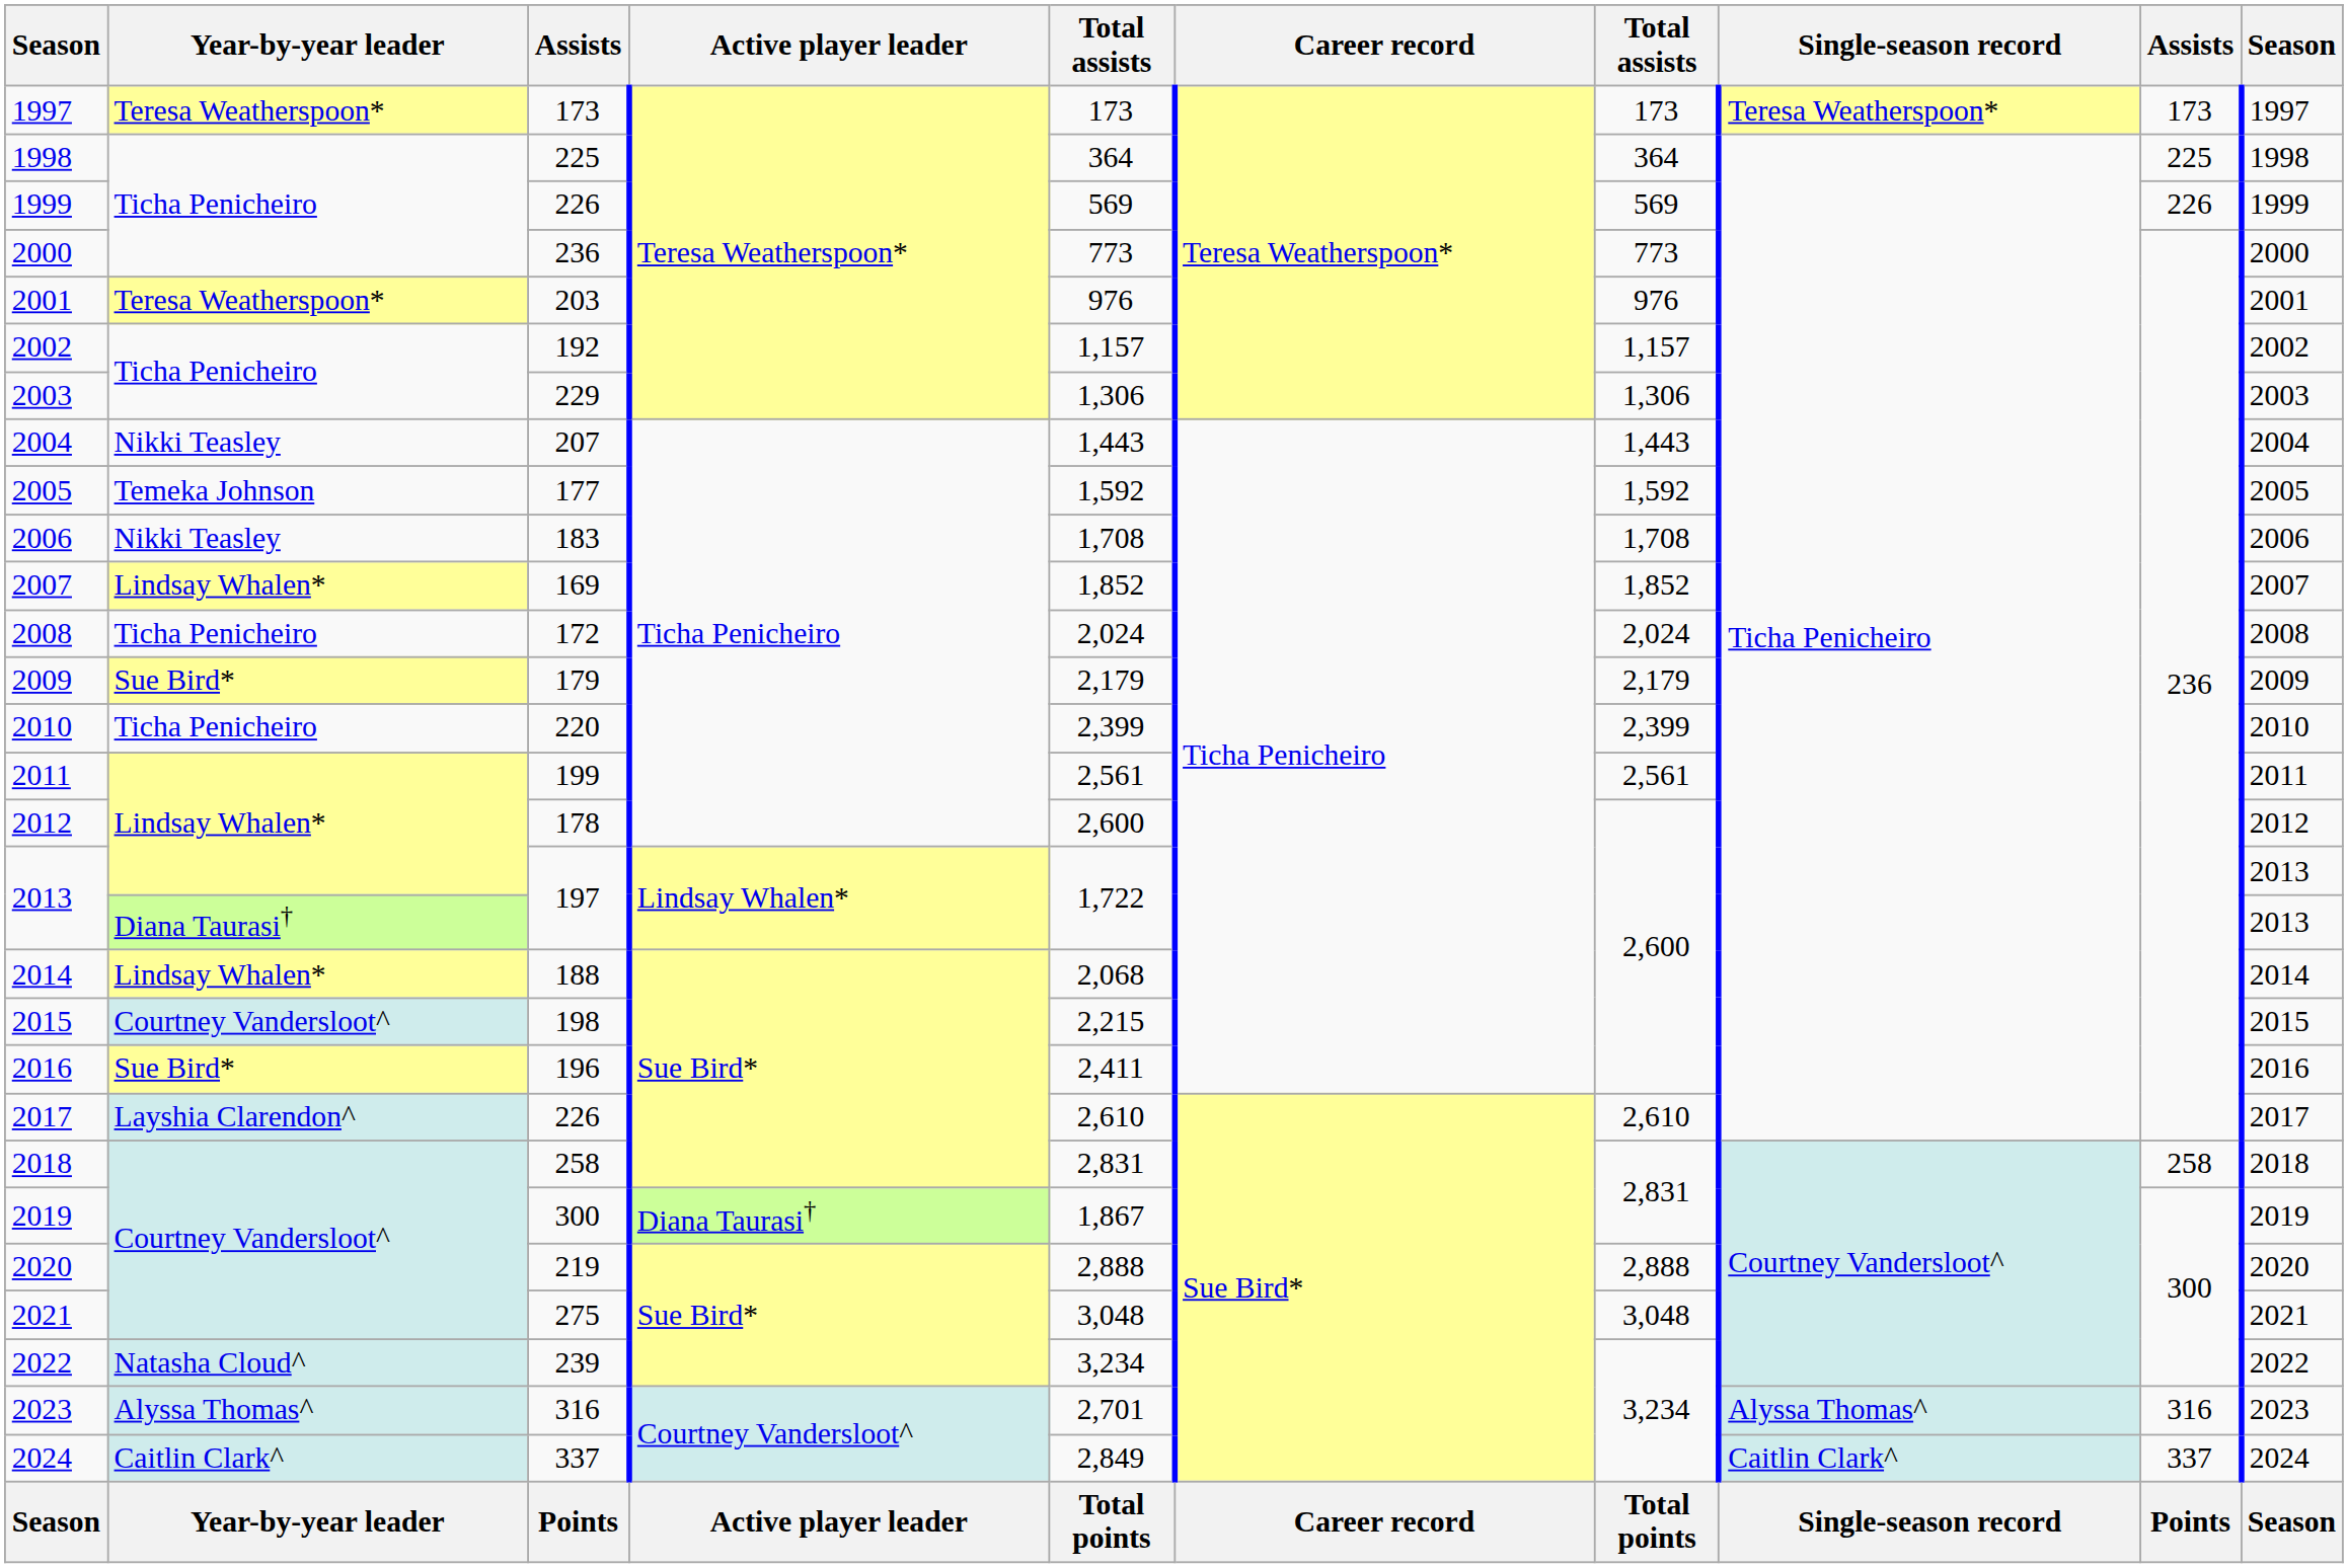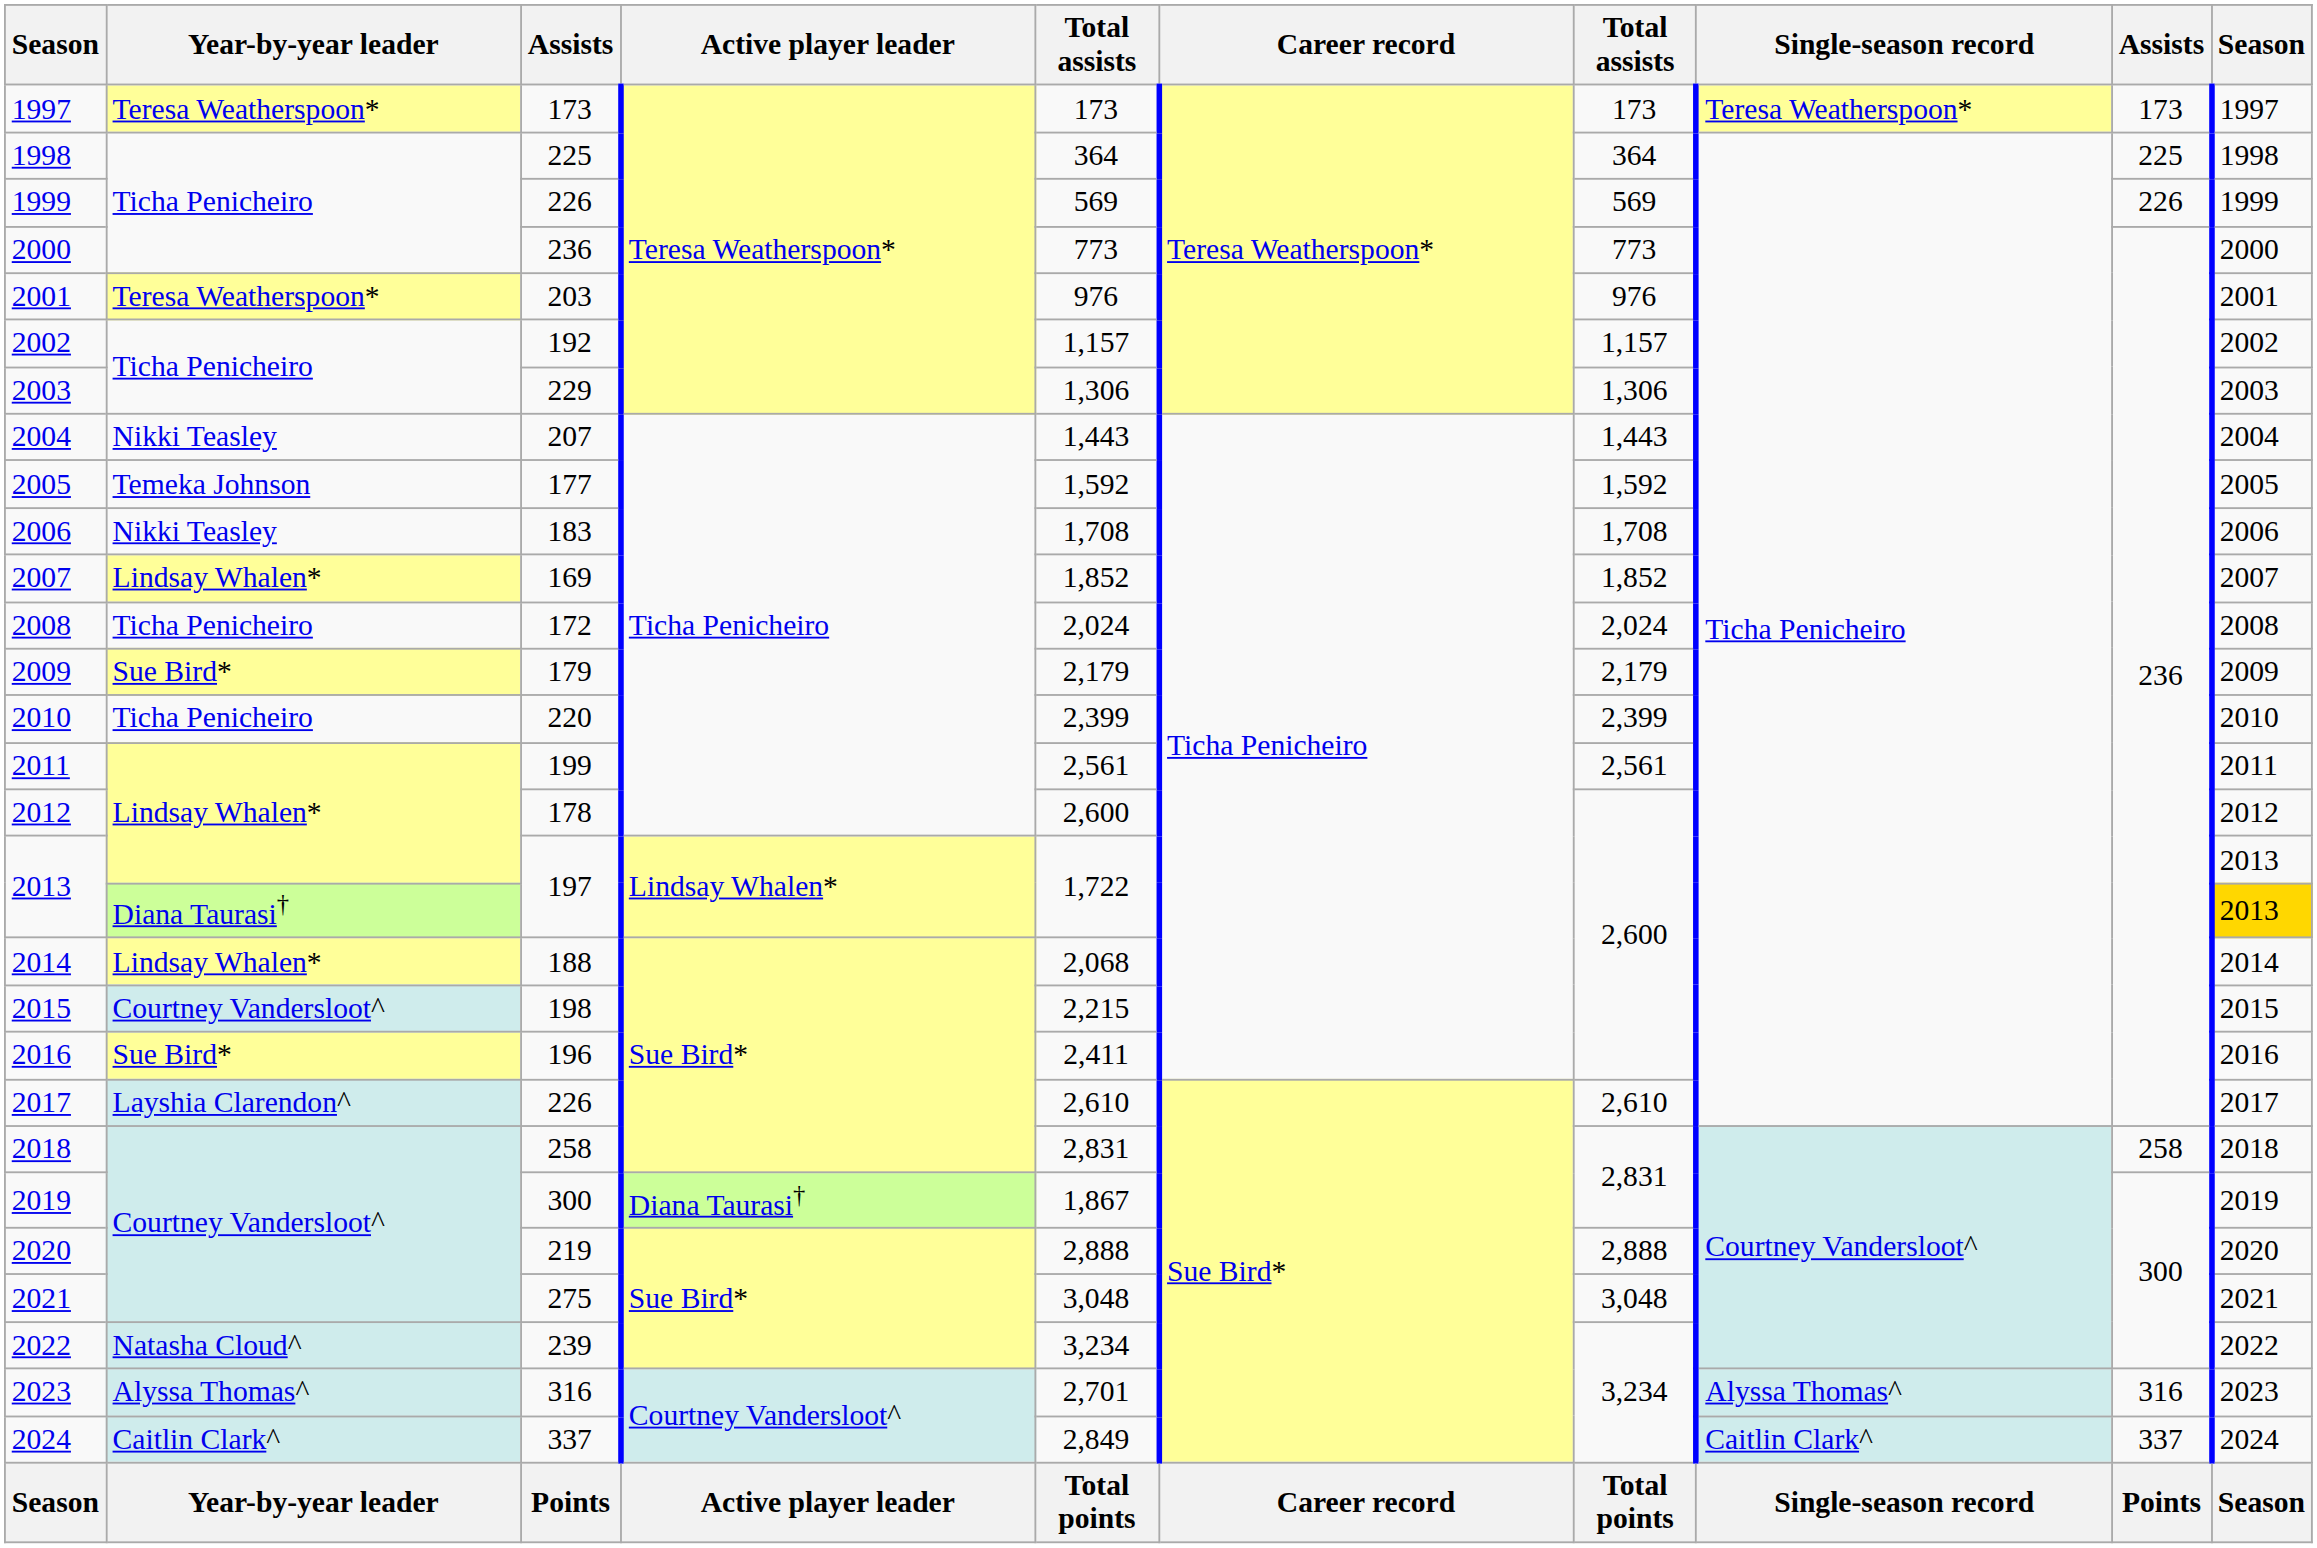 <table class="wikitable">
 <tr>
 <th width=4%>Season</th>
 <th width=18%>Year-by-year leader</th>
 <th>Assists</th>
 <th width=18%>Active player leader</th>
 <th>Total assists</th>
 <th width=18%>Career record</th>
 <th>Total assists</th>
 <th width=18%>Single-season record</th>
 <th>Assists</th>
 <th width=4%>Season</th>
 </tr>
 <tr>
 <td><a href='#'>1997</a></td>
 <td bgcolor="#ffff99"><a href='#'>Teresa Weatherspoon</a>*</td>
 <td align=center style="border-right: solid blue">173</td>
 <td bgcolor="#ffff99" rowspan="7"><a href='#'>Teresa Weatherspoon</a>*</td>
 <td align=center style="border-right: solid blue">173</td>
 <td bgcolor="#ffff99" rowspan="7"><a href='#'>Teresa Weatherspoon</a>*</td>
 <td align=center style="border-right: solid blue">173</td>
 <td bgcolor="#ffff99"><a href='#'>Teresa Weatherspoon</a>*</td>
 <td align=center style="border-right: solid blue">173</td>
 <td>1997</td>
 </tr>
 <tr>
 <td><a href='#'>1998</a></td>
 <td rowspan="3"><a href='#'>Ticha Penicheiro</a></td>
 <td align=center style="border-right: solid blue">225</td>
 <td align=center style="border-right: solid blue">364</td>
 <td align=center style="border-right: solid blue">364</td>
 <td rowspan="21"><a href='#'>Ticha Penicheiro</a></td>
 <td align=center style="border-right: solid blue">225</td>
 <td>1998</td>
 </tr>
 <tr>
 <td><a href='#'>1999</a></td>
 <td align=center style="border-right: solid blue">226</td>
 <td align=center style="border-right: solid blue">569</td>
 <td align=center style="border-right: solid blue">569</td>
 <td align=center style="border-right: solid blue">226</td>
 <td>1999</td>
 </tr>
 <tr>
 <td><a href='#'>2000</a></td>
 <td align=center style="border-right: solid blue">236</td>
 <td align=center style="border-right: solid blue">773</td>
 <td align=center style="border-right: solid blue">773</td>
 <td align=center style="border-right: solid blue" rowspan="19">236</td>
 <td>2000</td>
 </tr>
 <tr>
 <td><a href='#'>2001</a></td>
 <td bgcolor="#ffff99"><a href='#'>Teresa Weatherspoon</a>*</td>
 <td align=center style="border-right: solid blue">203</td>
 <td align=center style="border-right: solid blue">976</td>
 <td align=center style="border-right: solid blue">976</td>
 <td>2001</td>
 </tr>
 <tr>
 <td><a href='#'>2002</a></td>
 <td rowspan="2"><a href='#'>Ticha Penicheiro</a></td>
 <td align=center style="border-right: solid blue">192</td>
 <td align=center style="border-right: solid blue">1,157</td>
 <td align=center style="border-right: solid blue">1,157</td>
 <td>2002</td>
 </tr>
 <tr>
 <td><a href='#'>2003</a></td>
 <td align=center style="border-right: solid blue">229</td>
 <td align=center style="border-right: solid blue">1,306</td>
 <td align=center style="border-right: solid blue">1,306</td>
 <td>2003</td>
 </tr>
 <tr>
 <td><a href='#'>2004</a></td>
 <td><a href='#'>Nikki Teasley</a></td>
 <td align=center style="border-right: solid blue">207</td>
 <td rowspan="9"><a href='#'>Ticha Penicheiro</a></td>
 <td align=center style="border-right: solid blue">1,443</td>
 <td rowspan="14"><a href='#'>Ticha Penicheiro</a></td>
 <td align=center style="border-right: solid blue">1,443</td>
 <td>2004</td>
 </tr>
 <tr>
 <td><a href='#'>2005</a></td>
 <td><a href='#'>Temeka Johnson</a></td>
 <td align=center style="border-right: solid blue">177</td>
 <td align=center style="border-right: solid blue">1,592</td>
 <td align=center style="border-right: solid blue">1,592</td>
 <td>2005</td>
 </tr>
 <tr>
 <td><a href='#'>2006</a></td>
 <td><a href='#'>Nikki Teasley</a></td>
 <td align=center style="border-right: solid blue">183</td>
 <td align=center style="border-right: solid blue">1,708</td>
 <td align=center style="border-right: solid blue">1,708</td>
 <td>2006</td>
 </tr>
 <tr>
 <td><a href='#'>2007</a></td>
 <td bgcolor="#ffff99"><a href='#'>Lindsay Whalen</a>*</td>
 <td align=center style="border-right: solid blue">169</td>
 <td align=center style="border-right: solid blue">1,852</td>
 <td align=center style="border-right: solid blue">1,852</td>
 <td>2007</td>
 </tr>
 <tr>
 <td><a href='#'>2008</a></td>
 <td><a href='#'>Ticha Penicheiro</a></td>
 <td align=center style="border-right: solid blue">172</td>
 <td align=center style="border-right: solid blue">2,024</td>
 <td align=center style="border-right: solid blue">2,024</td>
 <td>2008</td>
 </tr>
 <tr>
 <td><a href='#'>2009</a></td>
 <td bgcolor="#FFFF99"><a href='#'>Sue Bird</a>*</td>
 <td align=center style="border-right: solid blue">179</td>
 <td align=center style="border-right: solid blue">2,179</td>
 <td align=center style="border-right: solid blue">2,179</td>
 <td>2009</td>
 </tr>
 <tr>
 <td><a href='#'>2010</a></td>
 <td><a href='#'>Ticha Penicheiro</a></td>
 <td align=center style="border-right: solid blue">220</td>
 <td align=center style="border-right: solid blue">2,399</td>
 <td align=center style="border-right: solid blue">2,399</td>
 <td>2010</td>
 </tr>
 <tr>
 <td><a href='#'>2011</a></td>
 <td bgcolor="#ffff99" rowspan="3"><a href='#'>Lindsay Whalen</a>*</td>
 <td align=center style="border-right: solid blue">199</td>
 <td align=center style="border-right: solid blue">2,561</td>
 <td align=center style="border-right: solid blue">2,561</td>
 <td>2011</td>
 </tr>
 <tr>
 <td><a href='#'>2012</a></td>
 <td align=center style="border-right: solid blue">178</td>
 <td align=center style="border-right: solid blue">2,600</td>
 <td align=center style="border-right: solid blue" rowspan="6">2,600</td>
 <td>2012</td>
 </tr>
 <tr>
 <td rowspan=2><a href='#'>2013</a></td>
 <td align=center style="border-right: solid blue" rowspan="2">197</td>
 <td bgcolor="#ffff99" rowspan="2"><a href='#'>Lindsay Whalen</a>*</td>
 <td rowspan="2" align=center style="border-right: solid blue">1,722</td>
 <td>2013</td>
 </tr>
 <tr>
 <td bgcolor="#ccff99"><a href='#'>Diana Taurasi</a><sup>†</sup></td>
-<td>2013</td>
+<td style="background: gold;">2013</td>
 </tr>
 <tr>
 <td><a href='#'>2014</a></td>
 <td bgcolor="#ffff99"><a href='#'>Lindsay Whalen</a>*</td>
 <td align=center style="border-right: solid blue">188</td>
 <td bgcolor="#FFFF99" rowspan="5"><a href='#'>Sue Bird</a>*</td>
 <td align=center style="border-right: solid blue">2,068</td>
 <td>2014</td>
 </tr>
 <tr>
 <td><a href='#'>2015</a></td>
 <td bgcolor="#cfecec"><a href='#'>Courtney Vandersloot</a>^</td>
 <td align=center style="border-right: solid blue">198</td>
 <td align=center style="border-right: solid blue">2,215</td>
 <td>2015</td>
 </tr>
 <tr>
 <td><a href='#'>2016</a></td>
 <td bgcolor="#FFFF99"><a href='#'>Sue Bird</a>*</td>
 <td align=center style="border-right: solid blue">196</td>
 <td align=center style="border-right: solid blue">2,411</td>
 <td>2016</td>
 </tr>
 <tr>
 <td><a href='#'>2017</a></td>
 <td bgcolor="#cfecec"><a href='#'>Layshia Clarendon</a>^</td>
 <td align=center style="border-right: solid blue">226</td>
 <td align=center style="border-right: solid blue">2,610</td>
 <td bgcolor="#FFFF99" rowspan="8"><a href='#'>Sue Bird</a>*</td>
 <td align=center style="border-right: solid blue">2,610</td>
 <td>2017</td>
 </tr>
 <tr>
 <td><a href='#'>2018</a></td>
 <td bgcolor="#cfecec" rowspan="4"><a href='#'>Courtney Vandersloot</a>^</td>
 <td align=center style="border-right: solid blue">258</td>
 <td align=center style="border-right: solid blue">2,831</td>
 <td align=center style="border-right: solid blue" rowspan="2">2,831</td>
 <td bgcolor="#cfecec" rowspan="5"><a href='#'>Courtney Vandersloot</a>^</td>
 <td align=center style="border-right: solid blue">258</td>
 <td>2018</td>
 </tr>
 <tr>
 <td><a href='#'>2019</a></td>
 <td align=center style="border-right: solid blue">300</td>
 <td bgcolor="#ccff99"><a href='#'>Diana Taurasi</a><sup>†</sup></td>
 <td align=center style="border-right: solid blue">1,867</td>
 <td align=center style="border-right: solid blue" rowspan="4">300</td>
 <td>2019</td>
 </tr>
 <tr>
 <td><a href='#'>2020</a></td>
 <td align=center style="border-right: solid blue">219</td>
 <td bgcolor="#FFFF99" rowspan="3"><a href='#'>Sue Bird</a>*</td>
 <td align=center style="border-right: solid blue">2,888</td>
 <td align=center style="border-right: solid blue">2,888</td>
 <td>2020</td>
 </tr>
 <tr>
 <td><a href='#'>2021</a></td>
 <td align=center style="border-right: solid blue">275</td>
 <td align=center style="border-right: solid blue">3,048</td>
 <td align=center style="border-right: solid blue">3,048</td>
 <td>2021</td>
 </tr>
 <tr>
 <td><a href='#'>2022</a></td>
 <td bgcolor="#cfecec"><a href='#'>Natasha Cloud</a>^</td>
 <td align=center style="border-right: solid blue">239</td>
 <td align=center style="border-right: solid blue">3,234</td>
 <td align=center style="border-right: solid blue" rowspan=3>3,234</td>
 <td>2022</td>
 </tr>
 <tr>
 <td><a href='#'>2023</a></td>
 <td bgcolor="#cfecec"><a href='#'>Alyssa Thomas</a>^</td>
 <td align=center style="border-right: solid blue">316</td>
 <td bgcolor="#cfecec" rowspan=2><a href='#'>Courtney Vandersloot</a>^</td>
 <td align=center style="border-right: solid blue">2,701</td>
 <td bgcolor="#cfecec" rowspan=1><a href='#'>Alyssa Thomas</a>^</td>
 <td align=center style="border-right: solid blue" rowspan=1>316</td>
 <td>2023</td>
 </tr>
 <tr>
 <td><a href='#'>2024</a></td>
 <td bgcolor="#cfecec" rowspan=1><a href='#'>Caitlin Clark</a>^</td>
 <td align=center style="border-right: solid blue" rowspan=1>337</td>
 <td align=center style="border-right: solid blue">2,849</td>
 <td bgcolor="#cfecec" rowspan=1><a href='#'>Caitlin Clark</a>^</td>
 <td align=center style="border-right: solid blue" rowspan=1>337</td>
 <td>2024</td>
 </tr>
 <tr>
 <th>Season</th>
 <th>Year-by-year leader</th>
 <th>Points</th>
 <th>Active player leader</th>
 <th>Total points</th>
 <th>Career record</th>
 <th>Total points</th>
 <th>Single-season record</th>
 <th>Points</th>
 <th>Season</th>
 </tr>
 </table>
